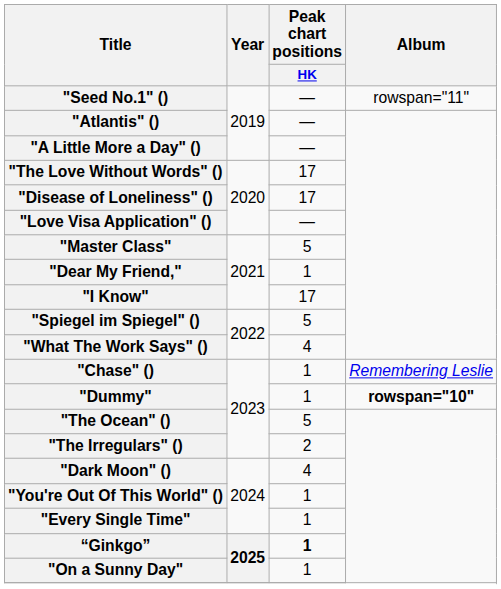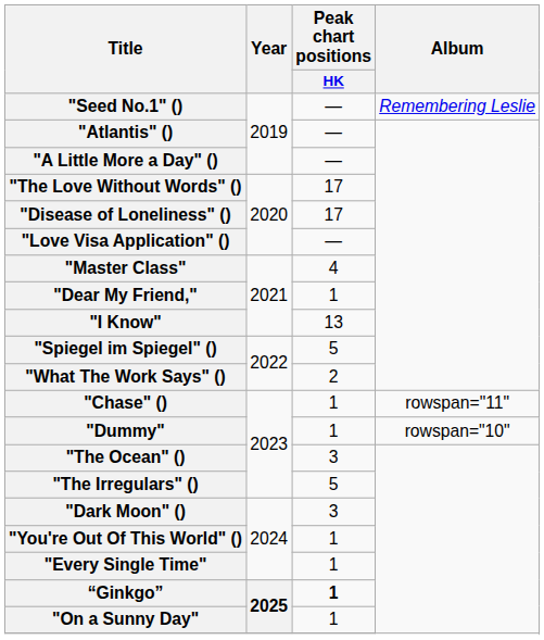 <table class="wikitable plainrowheaders" style="text-align:center;">
 <tr>
 <th rowspan="2" scope="col">Title</th>
 <th rowspan="2" scope="col">Year</th>
 <th scope="col">Peak chart positions</th>
 <th rowspan="2" scope="col">Album</th>
 </tr>
 <tr>
 <th scope="col" style="width:2.5em;font-size:85%"><a href='#'>HK</a><br></th>
 </tr>
 <tr>
 <th scope="row">"Seed No.1" ()</th>
 <td rowspan="3">2019</td>
 <td>—</td>
-<td>rowspan="11" </td>
+<td><em><a href='#'>Remembering Leslie</a></em></td>
 </tr>
 <tr>
 <th scope="row">"Atlantis" ()</th>
 <td>—</td>
 </tr>
 <tr>
 <th scope="row">"A Little More a Day" ()</th>
 <td>—</td>
 </tr>
 <tr>
 <th scope="row">"The Love Without Words" ()</th>
 <td rowspan="3">2020</td>
 <td>17</td>
 </tr>
 <tr>
 <th scope="row">"Disease of Loneliness" ()</th>
 <td>17</td>
 </tr>
 <tr>
 <th scope="row">"Love Visa Application" () </th>
 <td>—</td>
 </tr>
 <tr>
 <th scope="row">"Master Class"</th>
 <td rowspan="3">2021</td>
-<td>5</td>
+<td>4</td>
 </tr>
 <tr>
 <th scope="row">"Dear My Friend,"</th>
 <td>1</td>
 </tr>
 <tr>
 <th scope="row">"I Know" </th>
-<td>17</td>
+<td>13</td>
 </tr>
 <tr>
 <th scope="row">"Spiegel im Spiegel" ()</th>
 <td rowspan="2">2022</td>
 <td>5</td>
 </tr>
 <tr>
 <th scope="row">"What The Work Says" ()</th>
-<td>4</td>
+<td>2</td>
 </tr>
 <tr>
 <th scope="row">"Chase" ()</th>
 <td rowspan="4">2023</td>
 <td>1</td>
-<td><em><a href='#'>Remembering Leslie</a></em></td>
+<td>rowspan="11" </td>
 </tr>
 <tr>
 <th scope="row">"Dummy"</th>
 <td>1</td>
-<td><strong>rowspan="10" </strong></td>
+<td>rowspan="10" </td>
 </tr>
 <tr>
 <th scope="row">"The Ocean" ()</th>
-<td>5</td>
+<td>3</td>
 </tr>
 <tr>
 <th scope="row">"The Irregulars" ()</th>
-<td>2</td>
+<td>5</td>
 </tr>
 <tr>
 <th scope="row">"Dark Moon" ()</th>
 <td rowspan="3">2024</td>
-<td>4</td>
+<td>3</td>
 </tr>
 <tr>
 <th scope="row">"You're Out Of This World" ()</th>
 <td>1</td>
 </tr>
 <tr>
 <th scope="row">"Every Single Time"</th>
 <td>1</td>
 </tr>
 <tr>
 <th scope=“row”>“Ginkgo”</th>
 <th rowspan="2">2025</th>
 <td><strong>1</strong></td>
 </tr>
 <tr>
 <th>"On a Sunny Day"</th>
 <td>1</td>
 </tr>
 <tr>
 </tr>
 </table>
